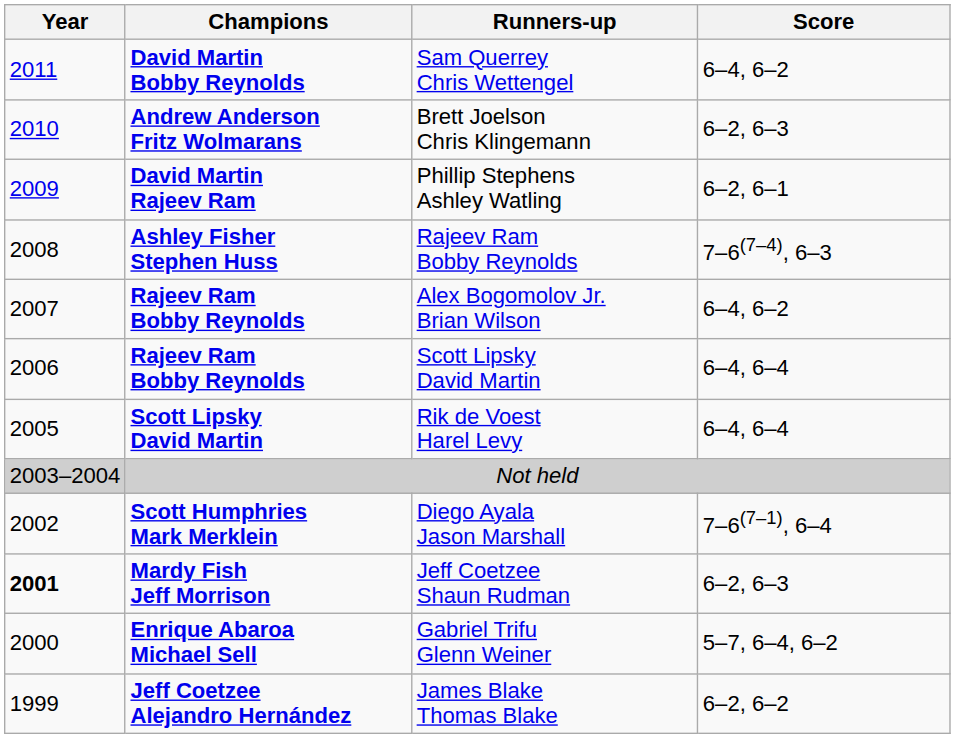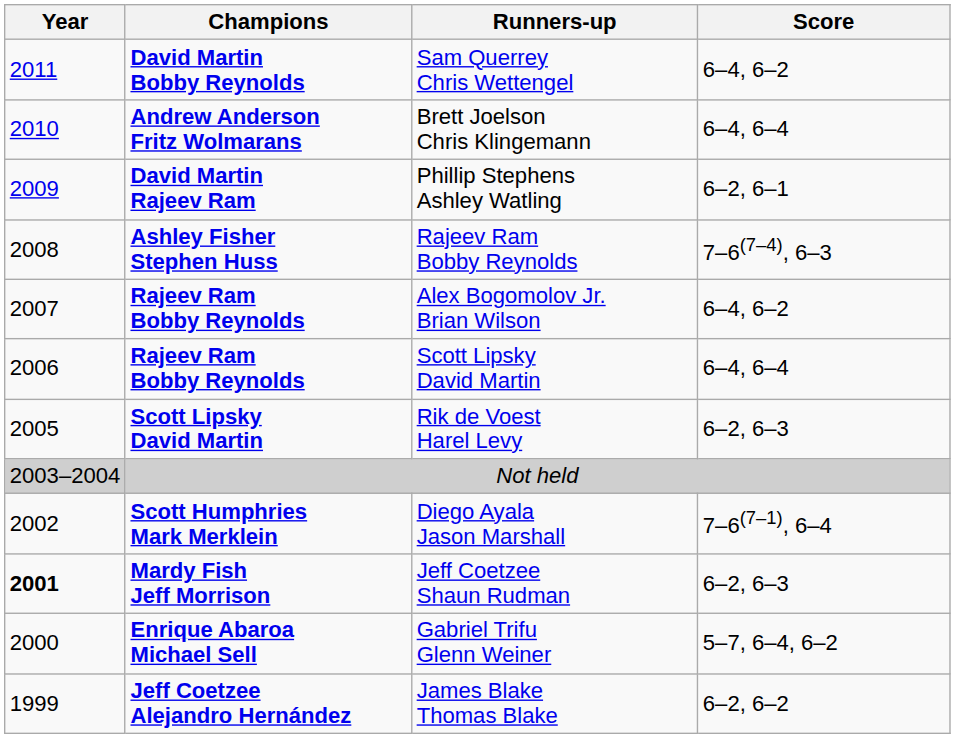 <table class="wikitable">
 <tr>
 <th>Year</th>
 <th width="200">Champions</th>
 <th width="200">Runners-up</th>
 <th width="175">Score</th>
 </tr>
 <tr>
 <td><a href='#'>2011</a></td>
 <td> <strong><a href='#'>David Martin</a></strong><br> <strong><a href='#'>Bobby Reynolds</a></strong></td>
 <td> <a href='#'>Sam Querrey</a><br> <a href='#'>Chris Wettengel</a></td>
 <td>6–4, 6–2</td>
 </tr>
 <tr>
 <td><a href='#'>2010</a></td>
 <td> <strong><a href='#'>Andrew Anderson</a></strong><br> <strong><a href='#'>Fritz Wolmarans</a></strong></td>
 <td> Brett Joelson<br> Chris Klingemann</td>
-<td>6–2, 6–3</td>
+<td>6–4, 6–4</td>
 </tr>
 <tr>
 <td><a href='#'>2009</a></td>
 <td> <strong><a href='#'>David Martin</a></strong><br> <strong><a href='#'>Rajeev Ram</a></strong></td>
 <td> Phillip Stephens<br> Ashley Watling</td>
 <td>6–2, 6–1</td>
 </tr>
 <tr>
 <td>2008</td>
 <td> <strong><a href='#'>Ashley Fisher</a></strong><br> <strong><a href='#'>Stephen Huss</a></strong></td>
 <td> <a href='#'>Rajeev Ram</a><br> <a href='#'>Bobby Reynolds</a></td>
 <td>7–6<sup>(7–4)</sup>, 6–3</td>
 </tr>
 <tr>
 <td>2007</td>
 <td> <strong><a href='#'>Rajeev Ram</a></strong><br> <strong><a href='#'>Bobby Reynolds</a></strong></td>
 <td> <a href='#'>Alex Bogomolov Jr.</a><br> <a href='#'>Brian Wilson</a></td>
 <td>6–4, 6–2</td>
 </tr>
 <tr>
 <td>2006</td>
 <td> <strong><a href='#'>Rajeev Ram</a></strong><br> <strong><a href='#'>Bobby Reynolds</a></strong></td>
 <td> <a href='#'>Scott Lipsky</a><br> <a href='#'>David Martin</a></td>
 <td>6–4, 6–4</td>
 </tr>
 <tr>
 <td>2005</td>
 <td> <strong><a href='#'>Scott Lipsky</a></strong><br> <strong><a href='#'>David Martin</a></strong></td>
 <td> <a href='#'>Rik de Voest</a><br> <a href='#'>Harel Levy</a></td>
-<td>6–4, 6–4</td>
+<td>6–2, 6–3</td>
 </tr>
 <tr>
 <td style="background:#cfcfcf">2003–2004</td>
 <td colspan=3 align=center style="background:#cfcfcf"><em>Not held</em></td>
 </tr>
 <tr>
 <td>2002</td>
 <td> <strong><a href='#'>Scott Humphries</a></strong><br> <strong><a href='#'>Mark Merklein</a></strong></td>
 <td> <a href='#'>Diego Ayala</a><br> <a href='#'>Jason Marshall</a></td>
 <td>7–6<sup>(7–1)</sup>, 6–4</td>
 </tr>
 <tr>
 <td><strong>2001</strong></td>
 <td> <strong><a href='#'>Mardy Fish</a></strong><br> <strong><a href='#'>Jeff Morrison</a></strong></td>
 <td> <a href='#'>Jeff Coetzee</a><br> <a href='#'>Shaun Rudman</a></td>
 <td>6–2, 6–3</td>
 </tr>
 <tr>
 <td>2000</td>
 <td> <strong><a href='#'>Enrique Abaroa</a></strong><br> <strong><a href='#'>Michael Sell</a></strong></td>
 <td> <a href='#'>Gabriel Trifu</a><br> <a href='#'>Glenn Weiner</a></td>
 <td>5–7, 6–4, 6–2</td>
 </tr>
 <tr>
 <td>1999</td>
 <td> <strong><a href='#'>Jeff Coetzee</a></strong><br> <strong><a href='#'>Alejandro Hernández</a></strong></td>
 <td> <a href='#'>James Blake</a><br> <a href='#'>Thomas Blake</a></td>
 <td>6–2, 6–2</td>
 </tr>
 </table>
